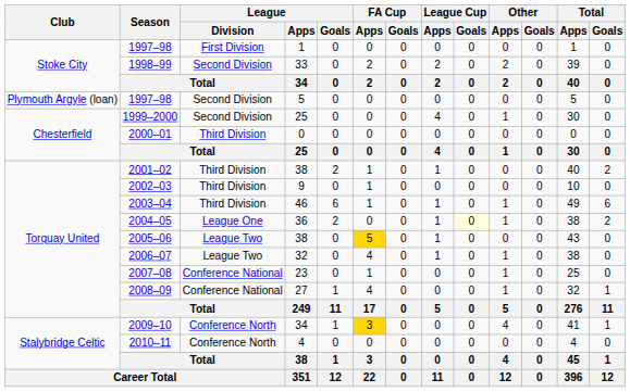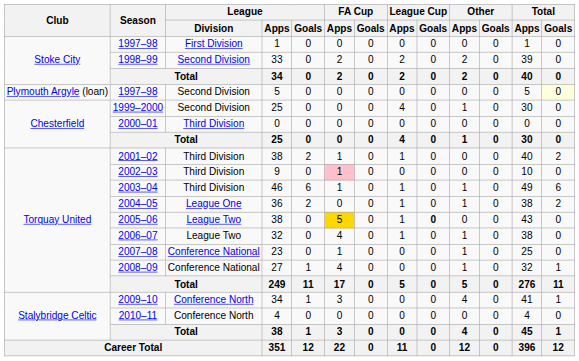 <table class="wikitable" style="text-align: center;">
 <tr>
 <th rowspan="2">Club</th>
 <th rowspan="2">Season</th>
 <th colspan="3">League</th>
 <th colspan="2">FA Cup</th>
 <th colspan="2">League Cup</th>
 <th colspan="2">Other</th>
 <th colspan="2">Total</th>
 </tr>
 <tr>
 <th>Division</th>
 <th>Apps</th>
 <th>Goals</th>
 <th>Apps</th>
 <th>Goals</th>
 <th>Apps</th>
 <th>Goals</th>
 <th>Apps</th>
 <th>Goals</th>
 <th>Apps</th>
 <th>Goals</th>
 </tr>
 <tr>
 <td rowspan="3"><a href='#'>Stoke City</a></td>
 <td><a href='#'>1997–98</a></td>
 <td><a href='#'>First Division</a></td>
 <td>1</td>
 <td>0</td>
 <td>0</td>
 <td>0</td>
 <td>0</td>
 <td>0</td>
 <td>0</td>
 <td>0</td>
 <td>1</td>
 <td>0</td>
 </tr>
 <tr>
 <td><a href='#'>1998–99</a></td>
 <td><a href='#'>Second Division</a></td>
 <td>33</td>
 <td>0</td>
 <td>2</td>
 <td>0</td>
 <td>2</td>
 <td>0</td>
 <td>2</td>
 <td>0</td>
 <td>39</td>
 <td>0</td>
 </tr>
 <tr>
 <th colspan="2">Total</th>
 <th>34</th>
 <th>0</th>
 <th>2</th>
 <th>0</th>
 <th>2</th>
 <th>0</th>
 <th>2</th>
 <th>0</th>
 <th>40</th>
 <th>0</th>
 </tr>
 <tr>
 <td><a href='#'>Plymouth Argyle</a> (loan)</td>
 <td><a href='#'>1997–98</a></td>
 <td>Second Division</td>
 <td>5</td>
 <td>0</td>
 <td>0</td>
 <td>0</td>
 <td>0</td>
 <td>0</td>
 <td>0</td>
 <td>0</td>
 <td>5</td>
-<td>0</td>
+<td style="background: lightyellow;">0</td>
 </tr>
 <tr>
 <td rowspan="3"><a href='#'>Chesterfield</a></td>
 <td><a href='#'>1999–2000</a></td>
 <td>Second Division</td>
 <td>25</td>
 <td>0</td>
 <td>0</td>
 <td>0</td>
 <td>4</td>
 <td>0</td>
 <td>1</td>
 <td>0</td>
 <td>30</td>
 <td>0</td>
 </tr>
 <tr>
 <td><a href='#'>2000–01</a></td>
 <td><a href='#'>Third Division</a></td>
 <td>0</td>
 <td>0</td>
 <td>0</td>
 <td>0</td>
 <td>0</td>
 <td>0</td>
 <td>0</td>
 <td>0</td>
 <td>0</td>
 <td>0</td>
 </tr>
 <tr>
 <th colspan="2">Total</th>
 <th>25</th>
 <th>0</th>
 <th>0</th>
 <th>0</th>
 <th>4</th>
 <th>0</th>
 <th>1</th>
 <th>0</th>
 <th>30</th>
 <th>0</th>
 </tr>
 <tr>
 <td rowspan="9"><a href='#'>Torquay United</a></td>
 <td><a href='#'>2001–02</a></td>
 <td>Third Division</td>
 <td>38</td>
 <td>2</td>
 <td>1</td>
 <td>0</td>
 <td>1</td>
 <td>0</td>
 <td>0</td>
 <td>0</td>
 <td>40</td>
 <td>2</td>
 </tr>
 <tr>
 <td><a href='#'>2002–03</a></td>
 <td>Third Division</td>
 <td>9</td>
 <td>0</td>
-<td>1</td>
+<td style="background: pink;">1</td>
 <td>0</td>
 <td>0</td>
 <td>0</td>
 <td>0</td>
 <td>0</td>
 <td>10</td>
 <td>0</td>
 </tr>
 <tr>
 <td><a href='#'>2003–04</a></td>
 <td>Third Division</td>
 <td>46</td>
 <td>6</td>
 <td>1</td>
 <td>0</td>
 <td>1</td>
 <td>0</td>
 <td>1</td>
 <td>0</td>
 <td>49</td>
 <td>6</td>
 </tr>
 <tr>
 <td><a href='#'>2004–05</a></td>
 <td><a href='#'>League One</a></td>
 <td>36</td>
 <td>2</td>
 <td>0</td>
 <td>0</td>
 <td>1</td>
-<td style="background: lightyellow;">0</td>
+<td>0</td>
 <td>1</td>
 <td>0</td>
 <td>38</td>
 <td>2</td>
 </tr>
 <tr>
 <td><a href='#'>2005–06</a></td>
 <td><a href='#'>League Two</a></td>
 <td>38</td>
 <td>0</td>
 <td style="background: gold;">5</td>
 <td>0</td>
 <td>1</td>
-<td>0</td>
+<td><strong>0</strong></td>
 <td>0</td>
 <td>0</td>
 <td>43</td>
 <td>0</td>
 </tr>
 <tr>
 <td><a href='#'>2006–07</a></td>
 <td>League Two</td>
 <td>32</td>
 <td>0</td>
 <td>4</td>
 <td>0</td>
 <td>1</td>
 <td>0</td>
 <td>1</td>
 <td>0</td>
 <td>38</td>
 <td>0</td>
 </tr>
 <tr>
 <td><a href='#'>2007–08</a></td>
 <td><a href='#'>Conference National</a></td>
 <td>23</td>
 <td>0</td>
 <td>1</td>
 <td>0</td>
 <td>0</td>
 <td>0</td>
 <td>1</td>
 <td>0</td>
 <td>25</td>
 <td>0</td>
 </tr>
 <tr>
 <td><a href='#'>2008–09</a></td>
 <td>Conference National</td>
 <td>27</td>
 <td>1</td>
 <td>4</td>
 <td>0</td>
 <td>0</td>
 <td>0</td>
 <td>1</td>
 <td>0</td>
 <td>32</td>
 <td>1</td>
 </tr>
 <tr>
 <th colspan="2">Total</th>
 <th>249</th>
 <th>11</th>
 <th>17</th>
 <th>0</th>
 <th>5</th>
 <th>0</th>
 <th>5</th>
 <th>0</th>
 <th>276</th>
 <th>11</th>
 </tr>
 <tr>
 <td rowspan=3><a href='#'>Stalybridge Celtic</a></td>
 <td><a href='#'>2009–10</a></td>
 <td><a href='#'>Conference North</a></td>
 <td>34</td>
 <td>1</td>
-<td style="background: gold;">3</td>
+<td>3</td>
 <td>0</td>
 <td>0</td>
 <td>0</td>
 <td>4</td>
 <td>0</td>
 <td>41</td>
 <td>1</td>
 </tr>
 <tr>
 <td><a href='#'>2010–11</a></td>
 <td>Conference North</td>
 <td>4</td>
 <td>0</td>
 <td>0</td>
 <td>0</td>
 <td>0</td>
 <td>0</td>
 <td>0</td>
 <td>0</td>
 <td>4</td>
 <td>0</td>
 </tr>
 <tr>
 <th colspan=2>Total</th>
 <th>38</th>
 <th>1</th>
 <th>3</th>
 <th>0</th>
 <th>0</th>
 <th>0</th>
 <th>4</th>
 <th>0</th>
 <th>45</th>
 <th>1</th>
 </tr>
 <tr>
 <th colspan="3">Career Total</th>
 <th>351</th>
 <th>12</th>
 <th>22</th>
 <th>0</th>
 <th>11</th>
 <th>0</th>
 <th>12</th>
 <th>0</th>
 <th>396</th>
 <th>12</th>
 </tr>
 </table>
